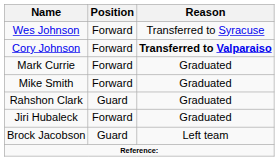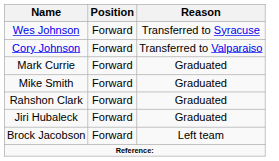 <table class="wikitable" style="text-align: center">
 <tr align=center>
 <th>Name</th>
 <th>Position</th>
 <th>Reason</th>
 </tr>
 <tr>
 <td><a href='#'>Wes Johnson</a></td>
 <td>Forward</td>
 <td>Transferred to <a href='#'>Syracuse</a></td>
 </tr>
 <tr>
 <td><a href='#'>Cory Johnson</a></td>
 <td>Forward</td>
-<td><strong>Transferred to <a href='#'>Valparaiso</a></strong></td>
+<td>Transferred to <a href='#'>Valparaiso</a></td>
 </tr>
 <tr>
 <td>Mark Currie</td>
 <td>Forward</td>
 <td>Graduated</td>
 </tr>
 <tr>
 <td>Mike Smith</td>
 <td>Forward</td>
 <td>Graduated</td>
 </tr>
 <tr>
 <td>Rahshon Clark</td>
-<td>Guard</td>
+<td>Forward</td>
 <td>Graduated</td>
 </tr>
 <tr>
 <td>Jiri Hubaleck</td>
 <td>Forward</td>
 <td>Graduated</td>
 </tr>
 <tr>
 <td>Brock Jacobson</td>
-<td>Guard</td>
+<td>Forward</td>
 <td>Left team</td>
 </tr>
 <tr>
 <td colspan="6"  style="font-size:8pt; text-align:center;"><strong>Reference:</strong></td>
 </tr>
 </table>
